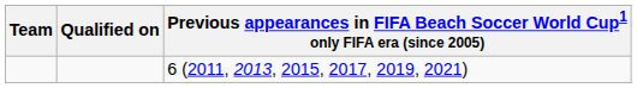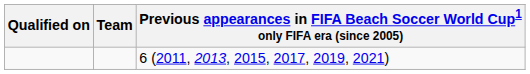 <table class="wikitable sortable">
 <tr>
+<th>Qualified on</th>
 <th>Team</th>
-<th>Qualified on</th>
 <th data-sort-type="number">Previous <a href='#'>appearances</a> in <a href='#'>FIFA Beach Soccer World Cup</a><sup><strong><a href='#'>1</a></strong></sup><br><small>only FIFA era (since 2005)</small></th>
 </tr>
 <tr>
 <td></td>
 <td></td>
 <td>6 (<a href='#'>2011</a>, <em><a href='#'>2013</a></em>, <a href='#'>2015</a>, <a href='#'>2017</a>, <a href='#'>2019</a>, <a href='#'>2021</a>)</td>
 </tr>
 </table>
